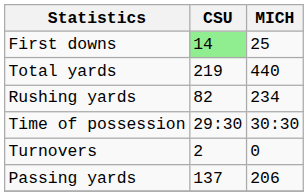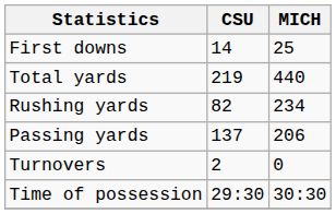 <table class="wikitable">
 <tr>
 <th>Statistics</th>
 <th>CSU</th>
 <th>MICH</th>
 </tr>
 <tr>
 <td>First downs</td>
-<td style="background: lightgreen;">14</td>
+<td>14</td>
 <td>25</td>
 </tr>
 <tr>
 <td>Total yards</td>
 <td>219</td>
 <td>440</td>
 </tr>
 <tr>
 <td>Rushing yards</td>
 <td>82</td>
 <td>234</td>
 </tr>
 <tr>
-<td>Time of possession</td>
-<td>29:30</td>
-<td>30:30</td>
+<td>Passing yards</td>
+<td>137</td>
+<td>206</td>
 </tr>
 <tr>
 <td>Turnovers</td>
 <td>2</td>
 <td>0</td>
 </tr>
 <tr>
-<td>Passing yards</td>
-<td>137</td>
-<td>206</td>
+<td>Time of possession</td>
+<td>29:30</td>
+<td>30:30</td>
 </tr>
 <tr>
 </tr>
 </table>
